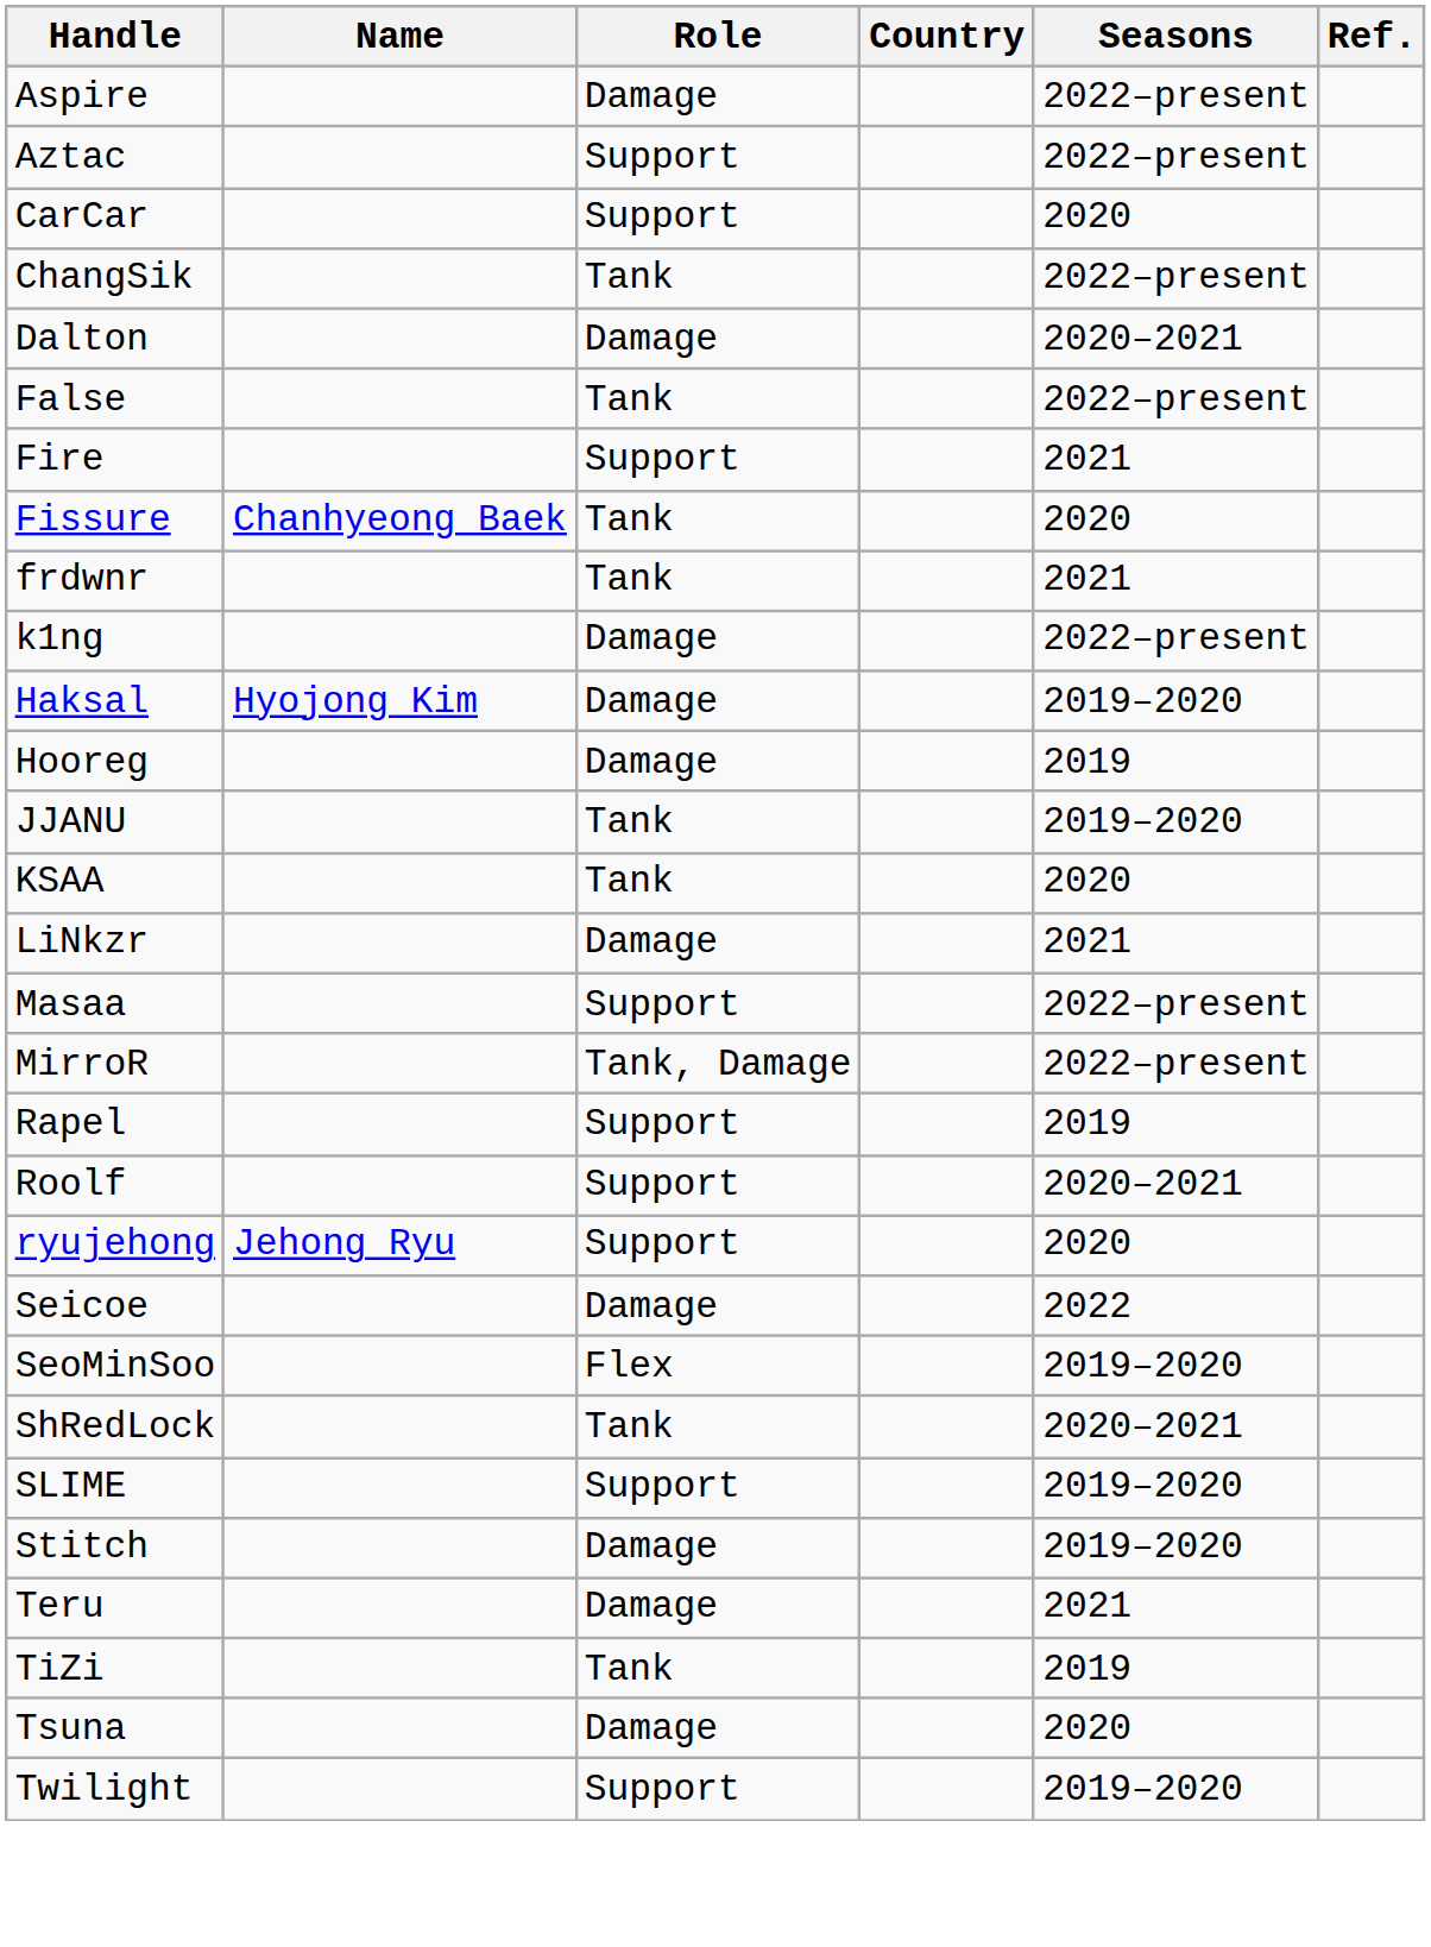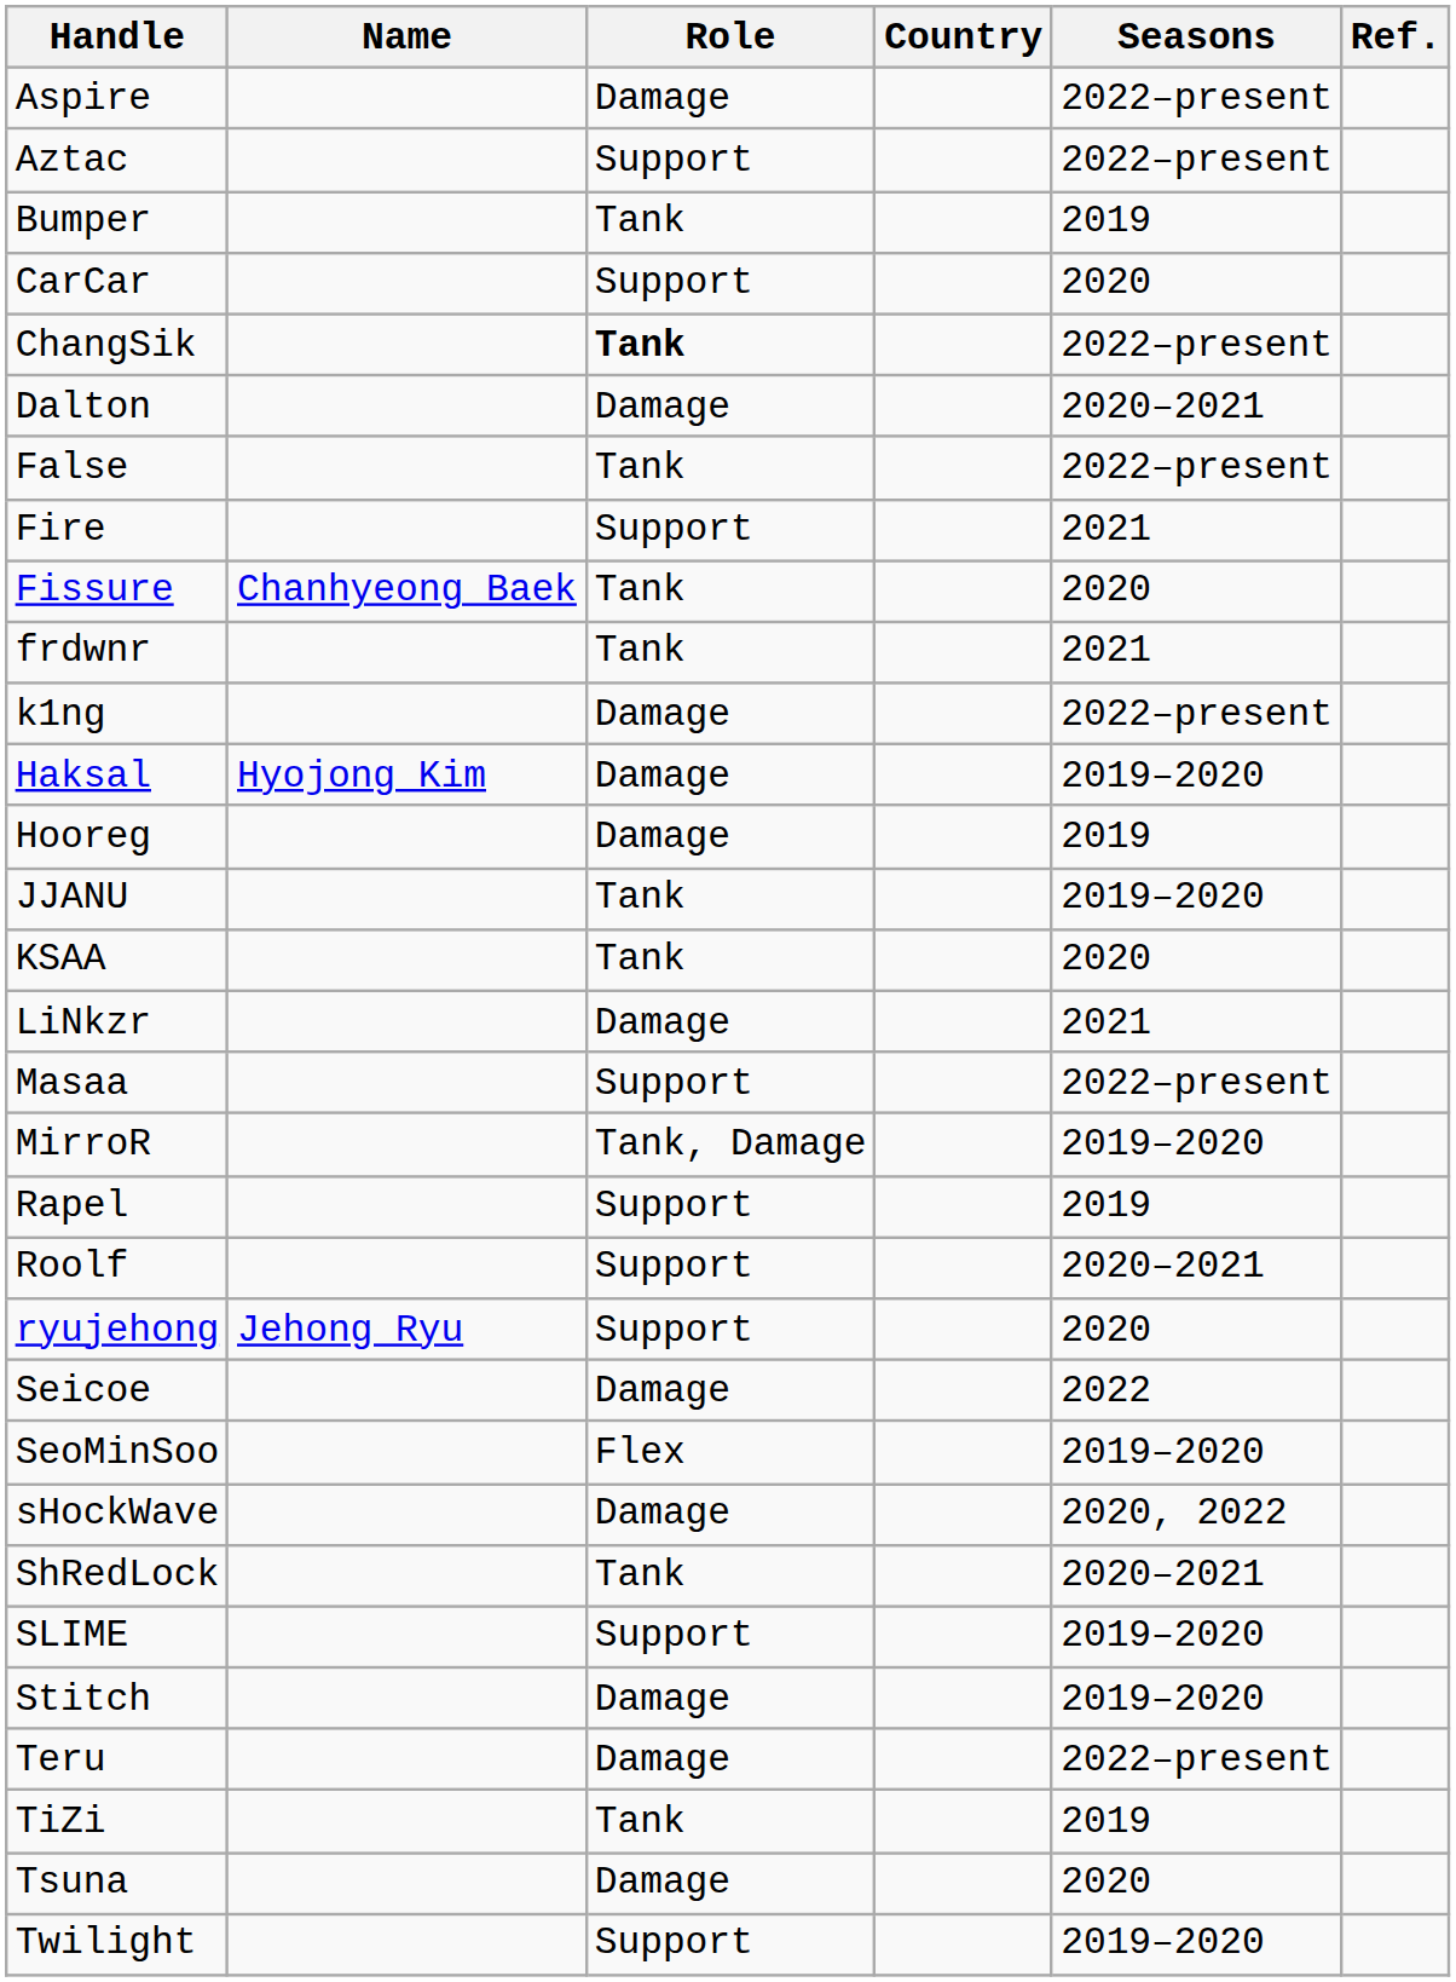 <table class="wikitable sortable" style="text-align:left;">
 <tr>
 <th style="background-color:#">Handle</th>
 <th style="background-color:#">Name</th>
 <th style="background-color:#">Role</th>
 <th style="background-color:#">Country</th>
 <th style="background-color:#">Seasons</th>
 <th style="background-color:#">Ref.</th>
 </tr>
 <tr>
 <td>Aspire</td>
 <td></td>
 <td>Damage</td>
 <td></td>
 <td>2022–present</td>
 <td></td>
 </tr>
 <tr>
 <td>Aztac</td>
 <td></td>
 <td>Support</td>
 <td></td>
 <td>2022–present</td>
 <td></td>
 </tr>
 <tr>
+<td>Bumper</td>
+<td></td>
+<td>Tank</td>
+<td></td>
+<td>2019</td>
+<td></td>
+</tr>
+<tr>
 <td>CarCar</td>
 <td></td>
 <td>Support</td>
 <td></td>
 <td>2020</td>
 <td></td>
 </tr>
 <tr>
 <td>ChangSik</td>
 <td></td>
-<td>Tank</td>
+<td><strong>Tank</strong></td>
 <td></td>
 <td>2022–present</td>
 <td></td>
 </tr>
 <tr>
 <td>Dalton</td>
 <td></td>
 <td>Damage</td>
 <td></td>
 <td>2020–2021</td>
 <td></td>
 </tr>
 <tr>
 <td>False</td>
 <td></td>
 <td>Tank</td>
 <td></td>
 <td>2022–present</td>
 <td></td>
 </tr>
 <tr>
 <td>Fire</td>
 <td></td>
 <td>Support</td>
 <td></td>
 <td>2021</td>
 <td></td>
 </tr>
 <tr>
 <td><a href='#'>Fissure</a></td>
 <td><a href='#'>Chanhyeong Baek</a></td>
 <td>Tank</td>
 <td></td>
 <td>2020</td>
 <td></td>
 </tr>
 <tr>
 <td>frdwnr</td>
 <td></td>
 <td>Tank</td>
 <td></td>
 <td>2021</td>
 <td></td>
 </tr>
 <tr>
 <td>k1ng</td>
 <td></td>
 <td>Damage</td>
 <td></td>
 <td>2022–present</td>
 <td></td>
 </tr>
 <tr>
 <td><a href='#'>Haksal</a></td>
 <td><a href='#'>Hyojong Kim</a></td>
 <td>Damage</td>
 <td></td>
 <td>2019–2020</td>
 <td></td>
 </tr>
 <tr>
 <td>Hooreg</td>
 <td></td>
 <td>Damage</td>
 <td></td>
 <td>2019</td>
 <td></td>
 </tr>
 <tr>
 <td>JJANU</td>
 <td></td>
 <td>Tank</td>
 <td></td>
 <td>2019–2020</td>
 <td></td>
 </tr>
 <tr>
 <td>KSAA</td>
 <td></td>
 <td>Tank</td>
 <td></td>
 <td>2020</td>
 <td></td>
 </tr>
 <tr>
 <td>LiNkzr</td>
 <td></td>
 <td>Damage</td>
 <td></td>
 <td>2021</td>
 <td></td>
 </tr>
 <tr>
 <td>Masaa</td>
 <td></td>
 <td>Support</td>
 <td></td>
 <td>2022–present</td>
 <td></td>
 </tr>
 <tr>
 <td>MirroR</td>
 <td></td>
 <td>Tank, Damage</td>
 <td></td>
-<td>2022–present</td>
+<td>2019–2020</td>
 <td></td>
 </tr>
 <tr>
 <td>Rapel</td>
 <td></td>
 <td>Support</td>
 <td></td>
 <td>2019</td>
 <td></td>
 </tr>
 <tr>
 <td>Roolf</td>
 <td></td>
 <td>Support</td>
 <td></td>
 <td>2020–2021</td>
 <td></td>
 </tr>
 <tr>
 <td><a href='#'>ryujehong</a></td>
 <td><a href='#'>Jehong Ryu</a></td>
 <td>Support</td>
 <td></td>
 <td>2020</td>
 <td></td>
 </tr>
 <tr>
 <td>Seicoe</td>
 <td></td>
 <td>Damage</td>
 <td></td>
 <td>2022</td>
 <td></td>
 </tr>
 <tr>
 <td>SeoMinSoo</td>
 <td></td>
 <td>Flex</td>
 <td></td>
 <td>2019–2020</td>
 <td></td>
 </tr>
 <tr>
+<td>sHockWave</td>
+<td></td>
+<td>Damage</td>
+<td></td>
+<td>2020, 2022</td>
+<td></td>
+</tr>
+<tr>
 <td>ShRedLock</td>
 <td></td>
 <td>Tank</td>
 <td></td>
 <td>2020–2021</td>
 <td></td>
 </tr>
 <tr>
 <td>SLIME</td>
 <td></td>
 <td>Support</td>
 <td></td>
 <td>2019–2020</td>
 <td></td>
 </tr>
 <tr>
 <td>Stitch</td>
 <td></td>
 <td>Damage</td>
 <td></td>
 <td>2019–2020</td>
 <td></td>
 </tr>
 <tr>
 <td>Teru</td>
 <td></td>
 <td>Damage</td>
 <td></td>
-<td>2021</td>
+<td>2022–present</td>
 <td></td>
 </tr>
 <tr>
 <td>TiZi</td>
 <td></td>
 <td>Tank</td>
 <td></td>
 <td>2019</td>
 <td></td>
 </tr>
 <tr>
 <td>Tsuna</td>
 <td></td>
 <td>Damage</td>
 <td></td>
 <td>2020</td>
 <td></td>
 </tr>
 <tr>
 <td>Twilight</td>
 <td></td>
 <td>Support</td>
 <td></td>
 <td>2019–2020</td>
 <td></td>
 </tr>
 </table>
